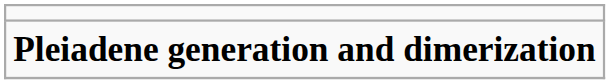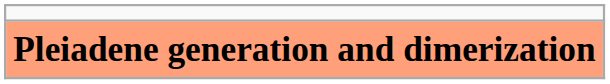 <table align="center"  class="wikitable">
 <tr>
 <td></td>
 </tr>
 <tr>
-<td><strong>Pleiadene generation and dimerization</strong></td>
+<td style="background: lightsalmon;"><strong>Pleiadene generation and dimerization</strong></td>
 </tr>
 <tr>
 </tr>
 </table>
